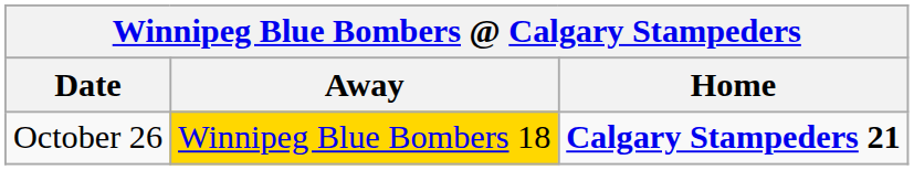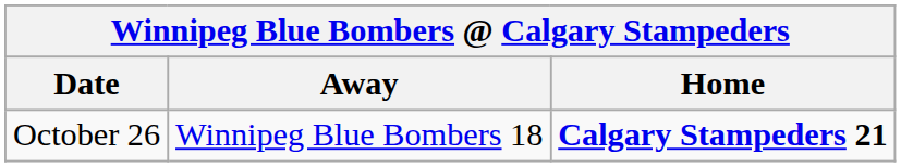 <table class="wikitable">
 <tr>
 <th colspan="4"><a href='#'>Winnipeg Blue Bombers</a> @ <a href='#'>Calgary Stampeders</a></th>
 </tr>
 <tr>
 <th>Date</th>
 <th>Away</th>
 <th>Home</th>
 </tr>
 <tr>
 <td>October 26</td>
-<td style="background: gold;"><a href='#'>Winnipeg Blue Bombers</a> 18</td>
+<td><a href='#'>Winnipeg Blue Bombers</a> 18</td>
 <td><strong><a href='#'>Calgary Stampeders</a> 21</strong></td>
 </tr>
 </table>
